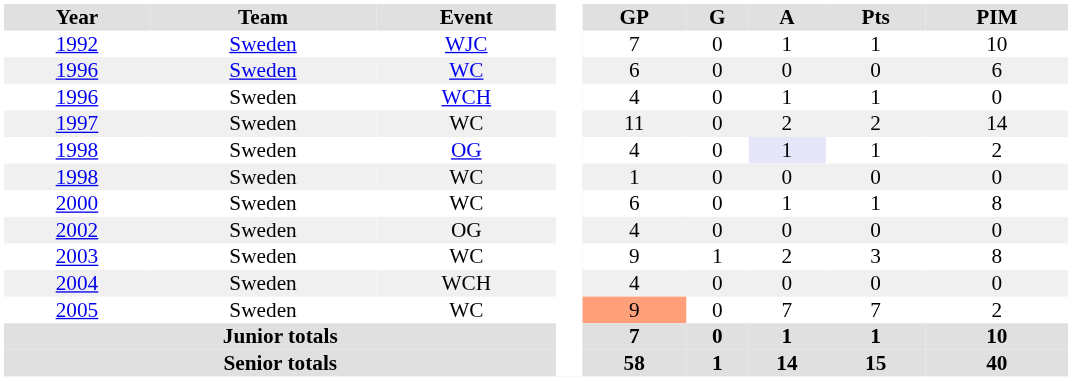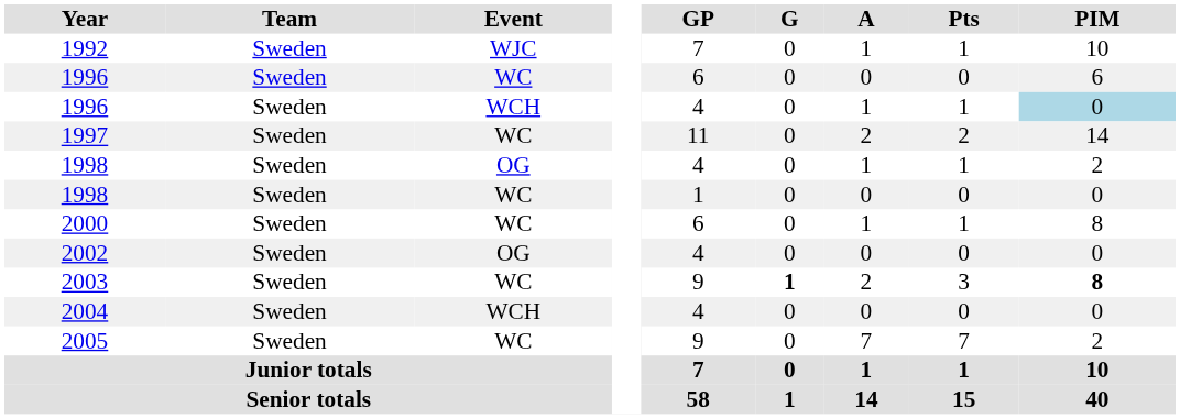 <table border="0" cellpadding="1" cellspacing="0" style="text-align:center; width:50em">
 <tr ALIGN="center" bgcolor="#e0e0e0">
 <th>Year</th>
 <th>Team</th>
 <th>Event</th>
 <th rowspan="99" bgcolor="#ffffff"> </th>
 <th>GP</th>
 <th>G</th>
 <th>A</th>
 <th>Pts</th>
 <th>PIM</th>
 </tr>
 <tr>
 <td><a href='#'>1992</a></td>
 <td><a href='#'>Sweden</a></td>
 <td><a href='#'>WJC</a></td>
 <td>7</td>
 <td>0</td>
 <td>1</td>
 <td>1</td>
 <td>10</td>
 </tr>
 <tr bgcolor="#f0f0f0">
 <td><a href='#'>1996</a></td>
 <td><a href='#'>Sweden</a></td>
 <td><a href='#'>WC</a></td>
 <td>6</td>
 <td>0</td>
 <td>0</td>
 <td>0</td>
 <td>6</td>
 </tr>
 <tr>
 <td><a href='#'>1996</a></td>
 <td>Sweden</td>
 <td><a href='#'>WCH</a></td>
 <td>4</td>
 <td>0</td>
 <td>1</td>
 <td>1</td>
-<td>0</td>
+<td style="background: lightblue;">0</td>
 </tr>
 <tr bgcolor="#f0f0f0">
 <td><a href='#'>1997</a></td>
 <td>Sweden</td>
 <td>WC</td>
 <td>11</td>
 <td>0</td>
 <td>2</td>
 <td>2</td>
 <td>14</td>
 </tr>
 <tr>
 <td><a href='#'>1998</a></td>
 <td>Sweden</td>
 <td><a href='#'>OG</a></td>
 <td>4</td>
 <td>0</td>
-<td style="background: lavender;">1</td>
+<td>1</td>
 <td>1</td>
 <td>2</td>
 </tr>
 <tr bgcolor="#f0f0f0">
 <td><a href='#'>1998</a></td>
 <td>Sweden</td>
 <td>WC</td>
 <td>1</td>
 <td>0</td>
 <td>0</td>
 <td>0</td>
 <td>0</td>
 </tr>
 <tr>
 <td><a href='#'>2000</a></td>
 <td>Sweden</td>
 <td>WC</td>
 <td>6</td>
 <td>0</td>
 <td>1</td>
 <td>1</td>
 <td>8</td>
 </tr>
 <tr bgcolor="#f0f0f0">
 <td><a href='#'>2002</a></td>
 <td>Sweden</td>
 <td>OG</td>
 <td>4</td>
 <td>0</td>
 <td>0</td>
 <td>0</td>
 <td>0</td>
 </tr>
 <tr>
 <td><a href='#'>2003</a></td>
 <td>Sweden</td>
 <td>WC</td>
 <td>9</td>
-<td>1</td>
+<td><strong>1</strong></td>
 <td>2</td>
 <td>3</td>
-<td>8</td>
+<td><strong>8</strong></td>
 </tr>
 <tr bgcolor="#f0f0f0">
 <td><a href='#'>2004</a></td>
 <td>Sweden</td>
 <td>WCH</td>
 <td>4</td>
 <td>0</td>
 <td>0</td>
 <td>0</td>
 <td>0</td>
 </tr>
 <tr>
 <td><a href='#'>2005</a></td>
 <td>Sweden</td>
 <td>WC</td>
-<td style="background: lightsalmon;">9</td>
+<td>9</td>
 <td>0</td>
 <td>7</td>
 <td>7</td>
 <td>2</td>
 </tr>
 <tr bgcolor="#e0e0e0">
 <th colspan=3>Junior totals</th>
 <th>7</th>
 <th>0</th>
 <th>1</th>
 <th>1</th>
 <th>10</th>
 </tr>
 <tr bgcolor="#e0e0e0">
 <th colspan=3>Senior totals</th>
 <th>58</th>
 <th>1</th>
 <th>14</th>
 <th>15</th>
 <th>40</th>
 </tr>
 </table>
